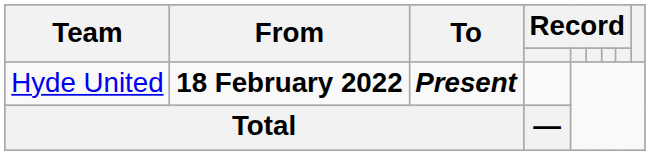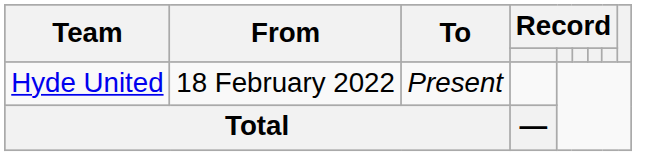 <table class="wikitable" style="text-align:centre">
 <tr>
 <th rowspan="2">Team</th>
 <th rowspan="2">From</th>
 <th rowspan="2">To</th>
 <th colspan=5>Record</th>
 <th rowspan=2></th>
 </tr>
 <tr>
 <th></th>
 <th></th>
 <th></th>
 <th></th>
 <th></th>
 </tr>
 <tr>
 <td align=left><a href='#'>Hyde United</a></td>
-<td align=left><strong>18 February 2022</strong></td>
-<td align=left><strong><em>Present</em><br></strong></td>
+<td align=left>18 February 2022</td>
+<td align=left><em>Present</em><br></td>
 <td></td>
 </tr>
 <tr>
 <th colspan=3>Total<br></th>
 <th>—</th>
 </tr>
 </table>
